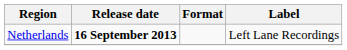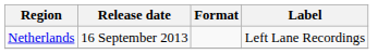 <table class="wikitable">
 <tr>
 <th>Region</th>
 <th>Release date</th>
 <th>Format</th>
 <th>Label</th>
 </tr>
 <tr>
 <td><a href='#'>Netherlands</a></td>
-<td><strong>16 September 2013</strong></td>
+<td>16 September 2013</td>
 <td></td>
 <td>Left Lane Recordings</td>
 </tr>
 <tr>
 </tr>
 </table>
